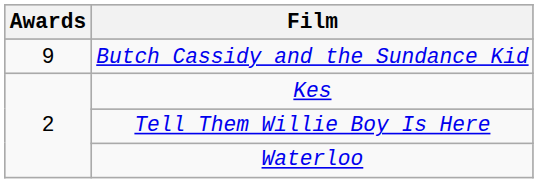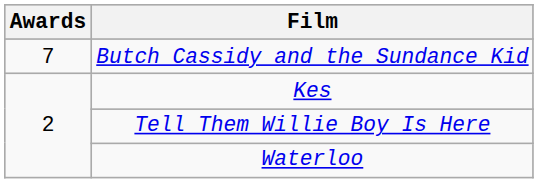 <table class="wikitable" style="text-align:center;">
 <tr>
 <th style="background:">Awards</th>
 <th style="background:">Film</th>
 </tr>
 <tr>
-<td>9</td>
+<td>7</td>
 <td><em><a href='#'>Butch Cassidy and the Sundance Kid</a></em></td>
 </tr>
 <tr>
 <td rowspan="3">2</td>
 <td><em><a href='#'>Kes</a></em></td>
 </tr>
 <tr>
 <td><em><a href='#'>Tell Them Willie Boy Is Here</a></em></td>
 </tr>
 <tr>
 <td><em><a href='#'>Waterloo</a></em></td>
 </tr>
 </table>
